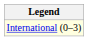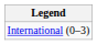 <table class="wikitable sortable">
 <tr>
 <th>Legend</th>
 </tr>
 <tr>
-<td style="background: lightyellow;"><a href='#'>International</a> (0–3)</td>
+<td><a href='#'>International</a> (0–3)</td>
 </tr>
 </table>
